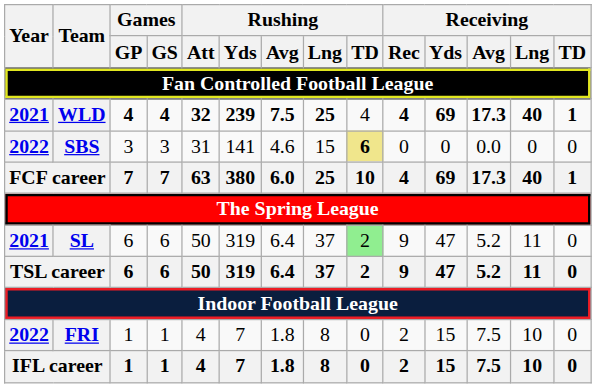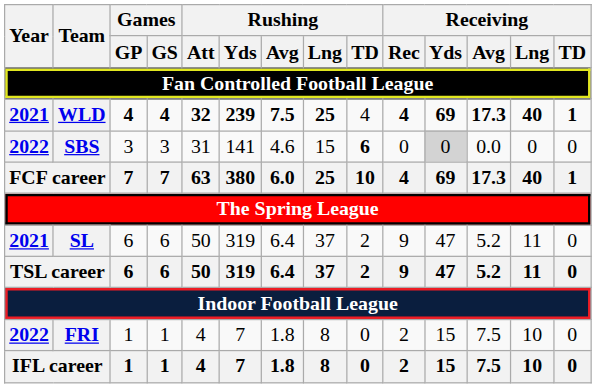 <table class="wikitable" style="text-align: center;">
 <tr>
 <th rowspan="2">Year</th>
 <th rowspan="2">Team</th>
 <th colspan="2">Games</th>
 <th colspan="5">Rushing</th>
 <th colspan="5">Receiving</th>
 </tr>
 <tr>
 <th>GP</th>
 <th>GS</th>
 <th>Att</th>
 <th>Yds</th>
 <th>Avg</th>
 <th>Lng</th>
 <th>TD</th>
 <th>Rec</th>
 <th>Yds</th>
 <th>Avg</th>
 <th>Lng</th>
 <th>TD</th>
 </tr>
 <tr>
 <th colspan="14" style="background-color: black; color: white; box-shadow: inset 2px 2px 0 #e1e720, inset -2px -2px 0 #e1e720;">Fan Controlled Football League</th>
 </tr>
 <tr>
 <th><a href='#'>2021</a></th>
 <th><a href='#'>WLD</a></th>
 <td><strong>4</strong></td>
 <td><strong>4</strong></td>
 <td><strong>32</strong></td>
 <td><strong>239</strong></td>
 <td><strong>7.5</strong></td>
 <td><strong>25</strong></td>
 <td>4</td>
 <td><strong>4</strong></td>
 <td><strong>69</strong></td>
 <td><strong>17.3</strong></td>
 <td><strong>40</strong></td>
 <td><strong>1</strong></td>
 </tr>
 <tr>
 <th><a href='#'>2022</a></th>
 <th><a href='#'>SBS</a></th>
 <td>3</td>
 <td>3</td>
 <td>31</td>
 <td>141</td>
 <td>4.6</td>
 <td>15</td>
-<td style="background: khaki;"><strong>6</strong></td>
+<td><strong>6</strong></td>
 <td>0</td>
-<td>0</td>
+<td style="background: lightgrey;">0</td>
 <td>0.0</td>
 <td>0</td>
 <td>0</td>
 </tr>
 <tr>
 <th colspan="2">FCF career</th>
 <th>7</th>
 <th>7</th>
 <th>63</th>
 <th>380</th>
 <th>6.0</th>
 <th>25</th>
 <th>10</th>
 <th>4</th>
 <th>69</th>
 <th>17.3</th>
 <th>40</th>
 <th>1</th>
 </tr>
 <tr>
 <th colspan="14" style="background-color: #ff0000; color: white; box-shadow: inset 2px 2px 0 #000000, inset -2px -2px 0 #000000;">The Spring League</th>
 </tr>
 <tr>
 <th><a href='#'>2021</a></th>
 <th><a href='#'>SL</a></th>
 <td>6</td>
 <td>6</td>
 <td>50</td>
 <td>319</td>
 <td>6.4</td>
 <td>37</td>
-<td style="background: lightgreen;">2</td>
+<td>2</td>
 <td>9</td>
 <td>47</td>
 <td>5.2</td>
 <td>11</td>
 <td>0</td>
 </tr>
 <tr>
 <th colspan="2">TSL career</th>
 <th>6</th>
 <th>6</th>
 <th>50</th>
 <th>319</th>
 <th>6.4</th>
 <th>37</th>
 <th>2</th>
 <th>9</th>
 <th>47</th>
 <th>5.2</th>
 <th>11</th>
 <th>0</th>
 </tr>
 <tr>
 <th colspan="14" style="background-color: #0a1e3e; color: white; box-shadow: inset 2px 2px 0 #ed1c24, inset -2px -2px 0 #ed1c24;">Indoor Football League</th>
 </tr>
 <tr>
 <th><a href='#'>2022</a></th>
 <th><a href='#'>FRI</a></th>
 <td>1</td>
 <td>1</td>
 <td>4</td>
 <td>7</td>
 <td>1.8</td>
 <td>8</td>
 <td>0</td>
 <td>2</td>
 <td>15</td>
 <td>7.5</td>
 <td>10</td>
 <td>0</td>
 </tr>
 <tr>
 <th colspan="2">IFL career</th>
 <th>1</th>
 <th>1</th>
 <th>4</th>
 <th>7</th>
 <th>1.8</th>
 <th>8</th>
 <th>0</th>
 <th>2</th>
 <th>15</th>
 <th>7.5</th>
 <th>10</th>
 <th>0</th>
 </tr>
 </table>
